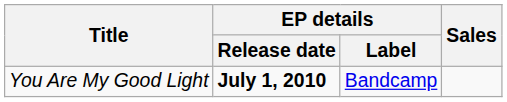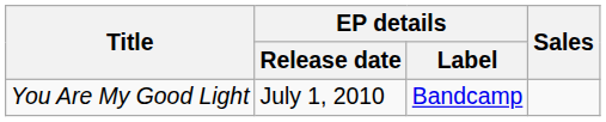 <table class="wikitable">
 <tr>
 <th rowspan="2">Title</th>
 <th colspan="2">EP details</th>
 <th rowspan="2">Sales</th>
 </tr>
 <tr>
 <th>Release date</th>
 <th>Label</th>
 </tr>
 <tr>
 <td><em>You Are My Good Light</em></td>
-<td><strong>July 1, 2010</strong></td>
+<td>July 1, 2010</td>
 <td><a href='#'>Bandcamp</a></td>
 <td></td>
 </tr>
 </table>
